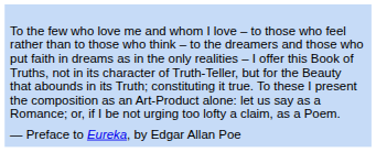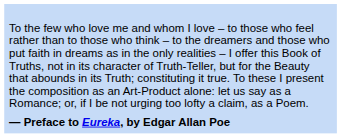 <table class="toccolours" style="float: right; margin-left: 1em; margin-right: 2em; font-size: 85%; background:#c6dbf7; color:black; width:30em; max-width: 25%;" cellspacing="5">
 <tr>
 <td style="text-align: left;"><br>To the few who love me and whom I love – to those who feel rather than to those who think – to the dreamers and those who put faith in dreams as in the only realities – I offer this Book of Truths, not in its character of Truth-Teller, but for the Beauty that abounds in its Truth; constituting it true. To these I present the composition as an Art-Product alone: let us say as a Romance; or, if I be not urging too lofty a claim, as a Poem.</td>
 </tr>
 <tr>
-<td style="text-align: left;">— Preface to <em><a href='#'>Eureka</a></em>, by Edgar Allan Poe</td>
+<td style="text-align: left;"><strong>— Preface to <em><a href='#'>Eureka</a></em>, by Edgar Allan Poe</strong></td>
 </tr>
 </table>
